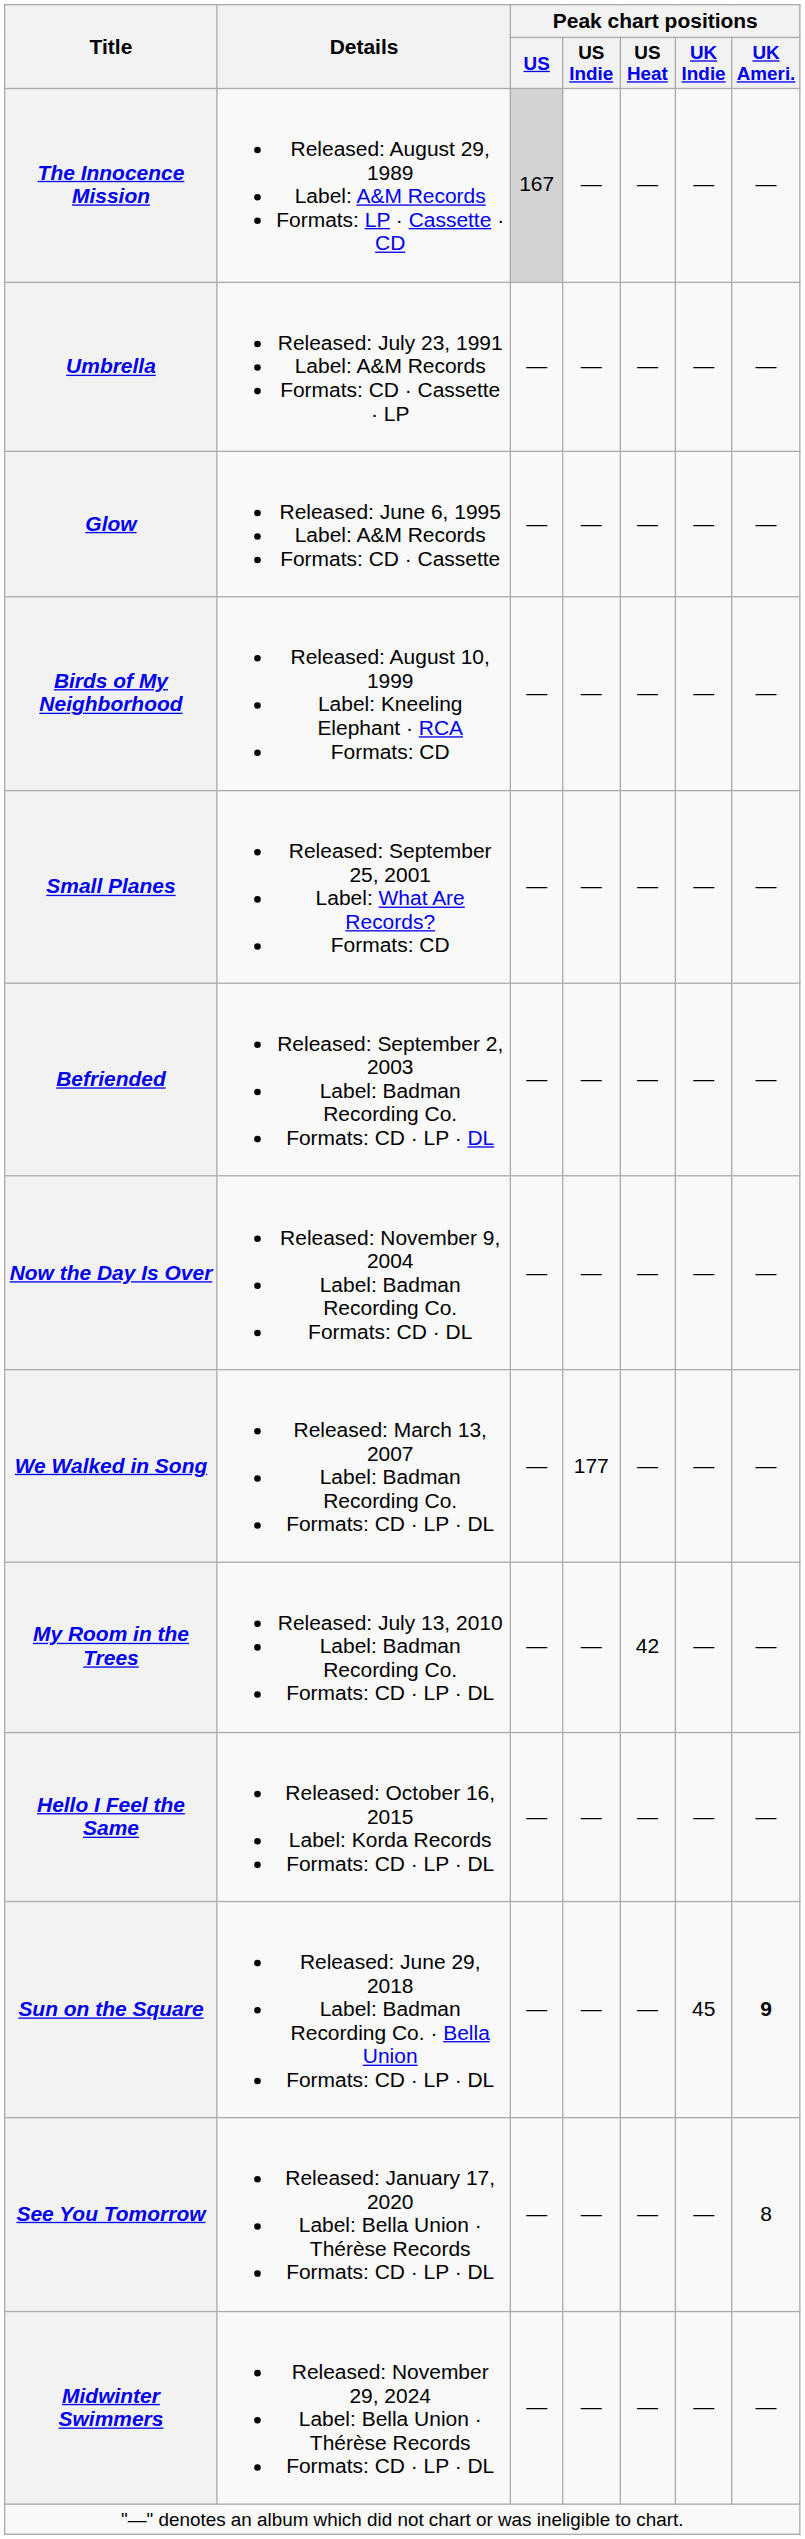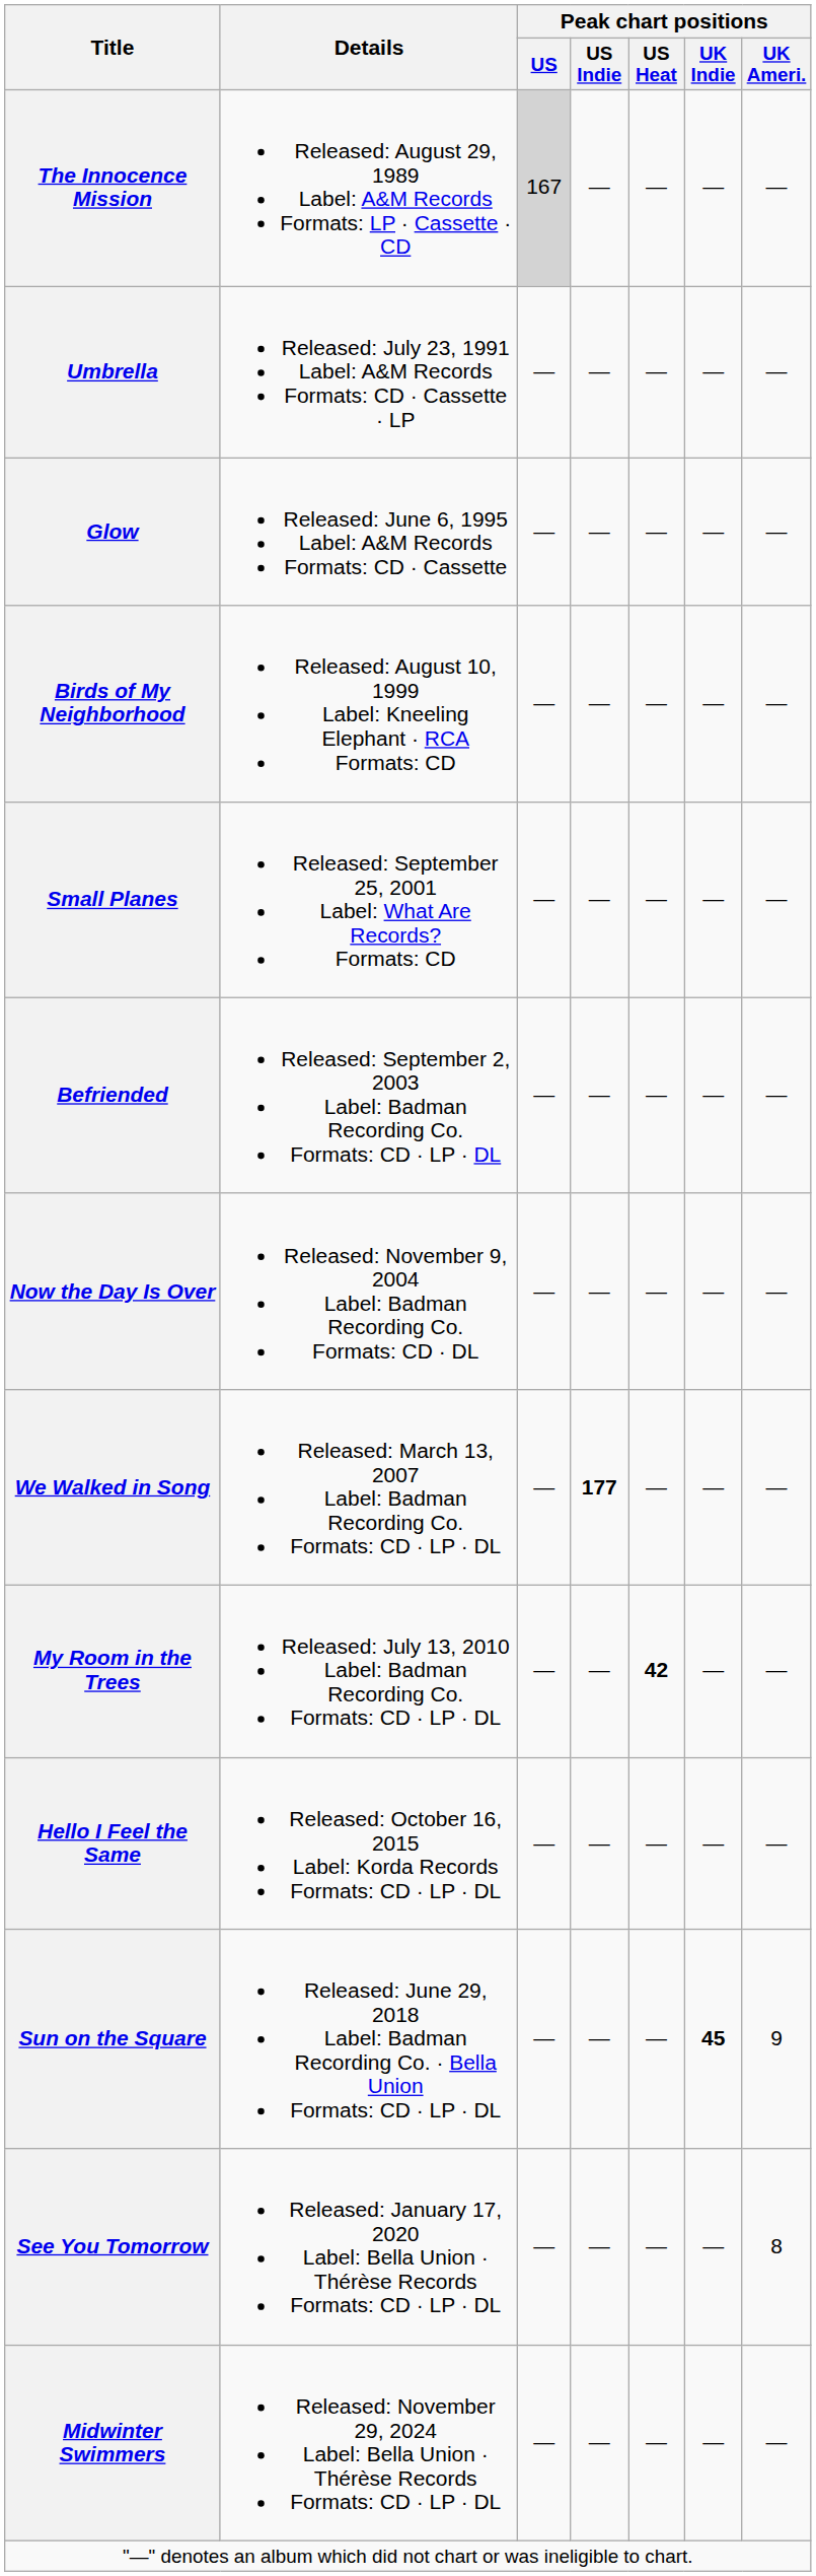 <table class="wikitable plainrowheaders" style="text-align:center;" border="1">
 <tr>
 <th scope="col" rowspan="2" style="width:15em;">Title</th>
 <th scope="col" rowspan="2" style="width:25em;">Details</th>
 <th scope="col" colspan="5">Peak chart positions</th>
 </tr>
 <tr>
 <th scope="col" style="width:3em;font-size:90%;"><a href='#'>US</a><br></th>
 <th scope="col" style="width:3em;font-size:90%;">US <a href='#'>Indie</a><br></th>
 <th scope="col" style="width:3em;font-size:90%;">US <a href='#'>Heat</a><br></th>
 <th scope="col" style="width:3em;font-size:90%;"><a href='#'>UK Indie</a><br></th>
 <th scope="col" style="width:3em;font-size:90%;"><a href='#'>UK Ameri.</a><br></th>
 </tr>
 <tr>
 <th scope="row"><em><a href='#'>The Innocence Mission</a></em></th>
 <td><br><ul><li>Released: August 29, 1989</li><li>Label: <a href='#'>A&M Records</a></li><li>Formats: <a href='#'>LP</a> · <a href='#'>Cassette</a> · <a href='#'>CD</a></li></ul></td>
 <td style="background: lightgrey;">167</td>
 <td>—</td>
 <td>—</td>
 <td>—</td>
 <td>—</td>
 </tr>
 <tr>
 <th scope="row"><em><a href='#'>Umbrella</a></em></th>
 <td><br><ul><li>Released: July 23, 1991</li><li>Label: A&M Records</li><li>Formats: CD · Cassette · LP</li></ul></td>
 <td>—</td>
 <td>—</td>
 <td>—</td>
 <td>—</td>
 <td>—</td>
 </tr>
 <tr>
 <th scope="row"><em><a href='#'>Glow</a></em></th>
 <td><br><ul><li>Released: June 6, 1995</li><li>Label: A&M Records</li><li>Formats: CD · Cassette</li></ul></td>
 <td>—</td>
 <td>—</td>
 <td>—</td>
 <td>—</td>
 <td>—</td>
 </tr>
 <tr>
 <th scope="row"><em><a href='#'>Birds of My Neighborhood</a></em></th>
 <td><br><ul><li>Released: August 10, 1999</li><li>Label: Kneeling Elephant · <a href='#'>RCA</a></li><li>Formats: CD</li></ul></td>
 <td>—</td>
 <td>—</td>
 <td>—</td>
 <td>—</td>
 <td>—</td>
 </tr>
 <tr>
 <th scope="row"><em><a href='#'>Small Planes</a></em></th>
 <td><br><ul><li>Released: September 25, 2001</li><li>Label: <a href='#'>What Are Records?</a></li><li>Formats: CD</li></ul></td>
 <td>—</td>
 <td>—</td>
 <td>—</td>
 <td>—</td>
 <td>—</td>
 </tr>
 <tr>
 <th scope="row"><em><a href='#'>Befriended</a></em></th>
 <td><br><ul><li>Released: September 2, 2003</li><li>Label: Badman Recording Co.</li><li>Formats: CD · LP · <a href='#'>DL</a></li></ul></td>
 <td>—</td>
 <td>—</td>
 <td>—</td>
 <td>—</td>
 <td>—</td>
 </tr>
 <tr>
 <th scope="row"><em><a href='#'>Now the Day Is Over</a></em></th>
 <td><br><ul><li>Released: November 9, 2004</li><li>Label: Badman Recording Co.</li><li>Formats: CD · DL</li></ul></td>
 <td>—</td>
 <td>—</td>
 <td>—</td>
 <td>—</td>
 <td>—</td>
 </tr>
 <tr>
 <th scope="row"><em><a href='#'>We Walked in Song</a></em></th>
 <td><br><ul><li>Released: March 13, 2007</li><li>Label: Badman Recording Co.</li><li>Formats: CD · LP · DL</li></ul></td>
 <td>—</td>
-<td>177</td>
+<td><strong>177</strong></td>
 <td>—</td>
 <td>—</td>
 <td>—</td>
 </tr>
 <tr>
 <th scope="row"><em><a href='#'>My Room in the Trees</a></em></th>
 <td><br><ul><li>Released: July 13, 2010</li><li>Label: Badman Recording Co.</li><li>Formats: CD · LP · DL</li></ul></td>
 <td>—</td>
 <td>—</td>
-<td>42</td>
+<td><strong>42</strong></td>
 <td>—</td>
 <td>—</td>
 </tr>
 <tr>
 <th scope="row"><em><a href='#'>Hello I Feel the Same</a></em></th>
 <td><br><ul><li>Released: October 16, 2015</li><li>Label: Korda Records</li><li>Formats: CD · LP · DL</li></ul></td>
 <td>—</td>
 <td>—</td>
 <td>—</td>
 <td>—</td>
 <td>—</td>
 </tr>
 <tr>
 <th scope="row"><em><a href='#'>Sun on the Square</a></em></th>
 <td><br><ul><li>Released: June 29, 2018</li><li>Label: Badman Recording Co. · <a href='#'>Bella Union</a></li><li>Formats: CD · LP · DL</li></ul></td>
 <td>—</td>
 <td>—</td>
 <td>—</td>
-<td>45</td>
-<td><strong>9</strong></td>
+<td><strong>45</strong></td>
+<td>9</td>
 </tr>
 <tr>
 <th scope="row"><em><a href='#'>See You Tomorrow</a></em></th>
 <td><br><ul><li>Released: January 17, 2020</li><li>Label: Bella Union · Thérèse Records</li><li>Formats: CD · LP · DL</li></ul></td>
 <td>—</td>
 <td>—</td>
 <td>—</td>
 <td>—</td>
 <td>8</td>
 </tr>
 <tr>
 <th scope="row"><em><a href='#'>Midwinter Swimmers</a></em></th>
 <td><br><ul><li>Released: November 29, 2024</li><li>Label: Bella Union · Thérèse Records</li><li>Formats: CD · LP · DL</li></ul></td>
 <td>—</td>
 <td>—</td>
 <td>—</td>
 <td>—</td>
 <td>—</td>
 </tr>
 <tr>
 <td colspan="14" style="font-size:90%">"—" denotes an album which did not chart or was ineligible to chart.</td>
 </tr>
 </table>
